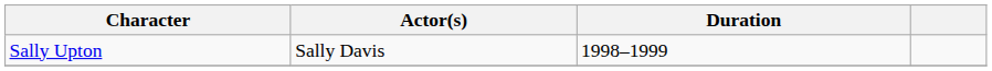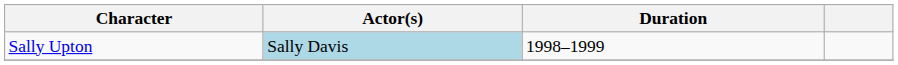 <table class="wikitable">
 <tr>
 <th scope="col" width="230">Character</th>
 <th scope="col" width="230">Actor(s)</th>
 <th scope="col" width="270">Duration</th>
 <th scope="col" width="55"></th>
 </tr>
 <tr>
 <td><a href='#'>Sally Upton</a></td>
-<td>Sally Davis</td>
+<td style="background: lightblue;">Sally Davis</td>
 <td>1998–1999</td>
 <td></td>
 </tr>
 <tr>
 </tr>
 </table>
